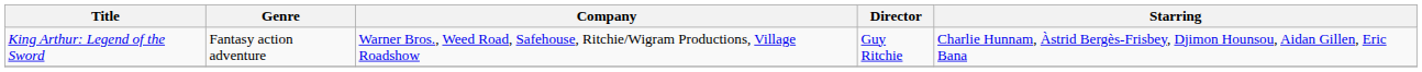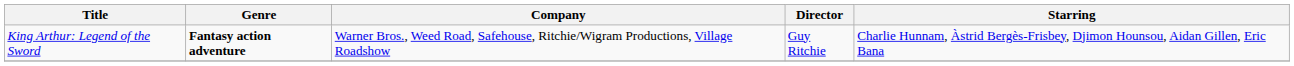 <table class="wikitable unsortable">
 <tr>
 <th>Title</th>
 <th>Genre</th>
 <th>Company</th>
 <th>Director</th>
 <th>Starring</th>
 </tr>
 <tr>
 <td><em><a href='#'>King Arthur: Legend of the Sword</a></em></td>
-<td>Fantasy action adventure</td>
+<td><strong>Fantasy action adventure</strong></td>
 <td><a href='#'>Warner Bros.</a>, <a href='#'>Weed Road</a>, <a href='#'>Safehouse</a>, Ritchie/Wigram Productions, <a href='#'>Village Roadshow</a></td>
 <td><a href='#'>Guy Ritchie</a></td>
 <td><a href='#'>Charlie Hunnam</a>, <a href='#'>Àstrid Bergès-Frisbey</a>, <a href='#'>Djimon Hounsou</a>, <a href='#'>Aidan Gillen</a>, <a href='#'>Eric Bana</a></td>
 </tr>
 <tr>
 </tr>
 </table>
